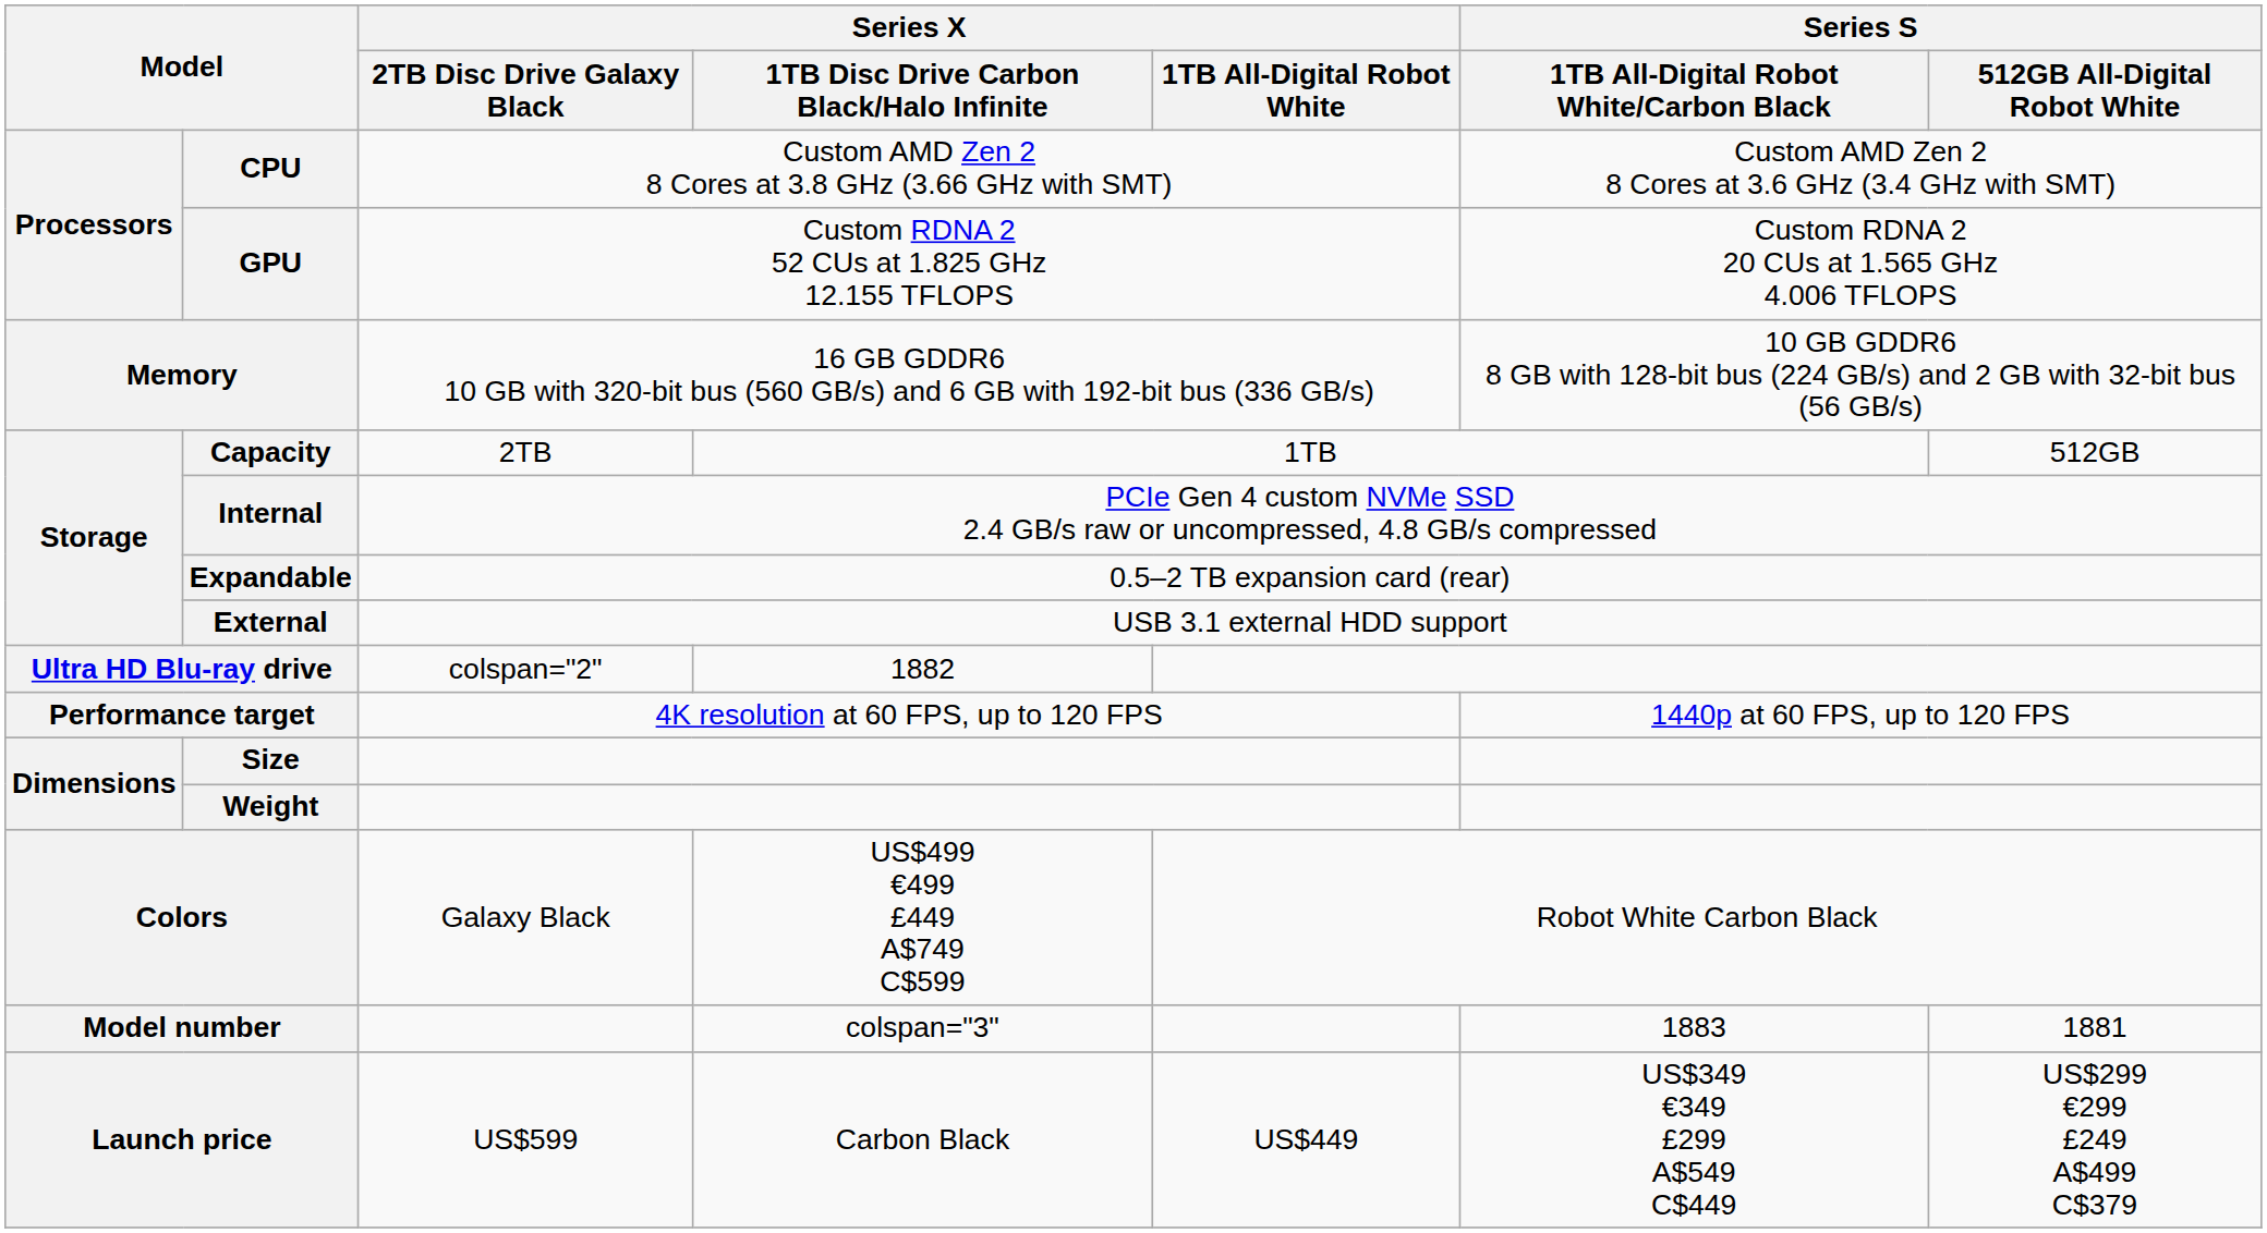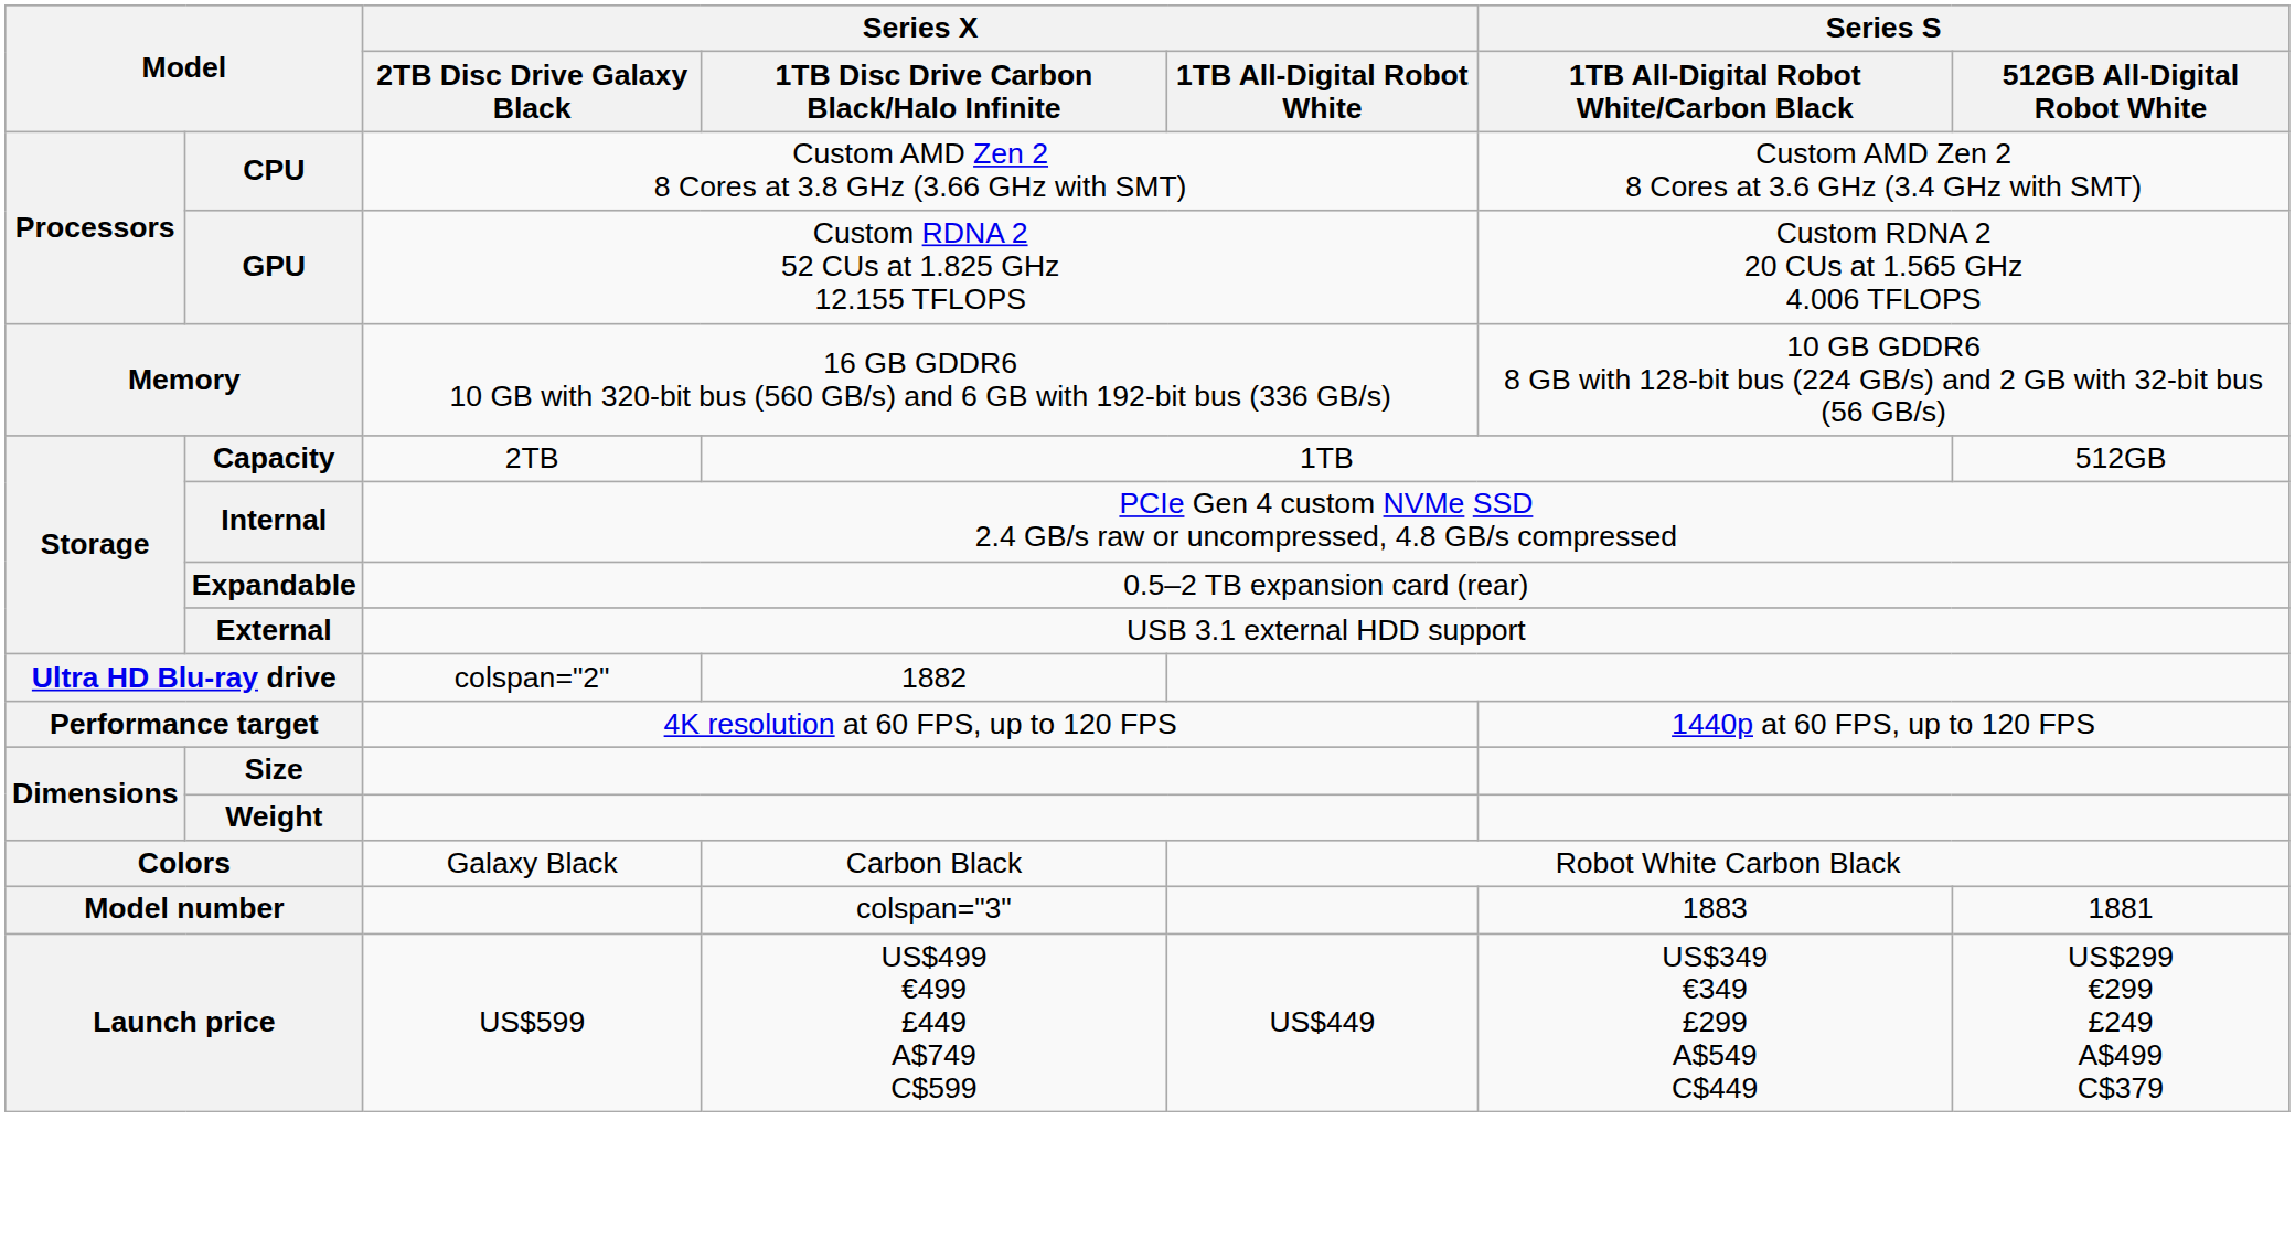 <table class="wikitable" style="text-align:center;">
 <tr>
 <th colspan="2" rowspan="2">Model</th>
 <th colspan="3">Series X</th>
 <th colspan="2">Series S</th>
 </tr>
 <tr>
 <th>2TB Disc Drive Galaxy Black</th>
 <th>1TB Disc Drive Carbon Black/Halo Infinite</th>
 <th>1TB All-Digital Robot White</th>
 <th>1TB All-Digital Robot White/Carbon Black</th>
 <th>512GB All-Digital Robot White</th>
 </tr>
 <tr>
 <th rowspan=2>Processors</th>
 <th>CPU</th>
 <td colspan="3">Custom AMD <a href='#'>Zen 2</a><br>8 Cores at 3.8 GHz (3.66 GHz with SMT)</td>
 <td colspan="2">Custom AMD Zen 2<br>8 Cores at 3.6 GHz (3.4 GHz with SMT)</td>
 </tr>
 <tr>
 <th>GPU</th>
 <td colspan="3">Custom <a href='#'>RDNA 2</a><br>52 CUs at 1.825 GHz<br>12.155 TFLOPS</td>
 <td colspan="2">Custom RDNA 2<br>20 CUs at 1.565 GHz<br>4.006 TFLOPS</td>
 </tr>
 <tr>
 <th colspan=2>Memory</th>
 <td colspan="3">16 GB GDDR6<br>10 GB with 320-bit bus (560 GB/s) and 6 GB with 192-bit bus (336 GB/s)</td>
 <td colspan="2">10 GB GDDR6<br>8 GB with 128-bit bus (224 GB/s) and 2 GB with 32-bit bus (56 GB/s)</td>
 </tr>
 <tr>
 <th rowspan=4>Storage</th>
 <th>Capacity</th>
 <td>2TB</td>
 <td colspan="3">1TB</td>
 <td>512GB</td>
 </tr>
 <tr>
 <th>Internal</th>
 <td colspan="5"><a href='#'>PCIe</a> Gen 4 custom <a href='#'>NVMe</a> <a href='#'>SSD</a><br>2.4 GB/s raw or uncompressed, 4.8 GB/s compressed</td>
 </tr>
 <tr>
 <th>Expandable</th>
 <td colspan="5">0.5–2 TB expansion card (rear)</td>
 </tr>
 <tr>
 <th>External</th>
 <td colspan="5">USB 3.1 external HDD support</td>
 </tr>
 <tr>
 <th colspan="2"><a href='#'>Ultra HD Blu-ray</a> drive</th>
 <td>colspan="2" </td>
 <td>1882</td>
 </tr>
 <tr>
 <th colspan=2>Performance target</th>
 <td colspan="3"><a href='#'>4K resolution</a> at 60 FPS, up to 120 FPS</td>
 <td colspan="2"><a href='#'>1440p</a> at 60 FPS, up to 120 FPS</td>
 </tr>
 <tr>
 <th rowspan=2>Dimensions</th>
 <th>Size</th>
 <td colspan="3"></td>
 <td colspan="2"></td>
 </tr>
 <tr>
 <th>Weight</th>
 <td colspan="3"></td>
 <td colspan="2"></td>
 </tr>
 <tr>
 <th colspan=2>Colors</th>
 <td> Galaxy Black</td>
-<td>US$499<br>€499<br>£449<br>A$749<br>C$599</td>
+<td> Carbon Black</td>
 <td colspan="3"> Robot White  Carbon Black</td>
 </tr>
 <tr>
 <th colspan=2>Model number</th>
 <td></td>
 <td>colspan="3" </td>
 <td></td>
 <td>1883</td>
 <td>1881</td>
 </tr>
 <tr>
 <th colspan=2>Launch price</th>
 <td>US$599</td>
-<td> Carbon Black</td>
+<td>US$499<br>€499<br>£449<br>A$749<br>C$599</td>
 <td>US$449</td>
 <td>US$349<br>€349<br>£299<br>A$549<br>C$449</td>
 <td>US$299<br>€299<br>£249<br>A$499<br>C$379</td>
 </tr>
 </table>
